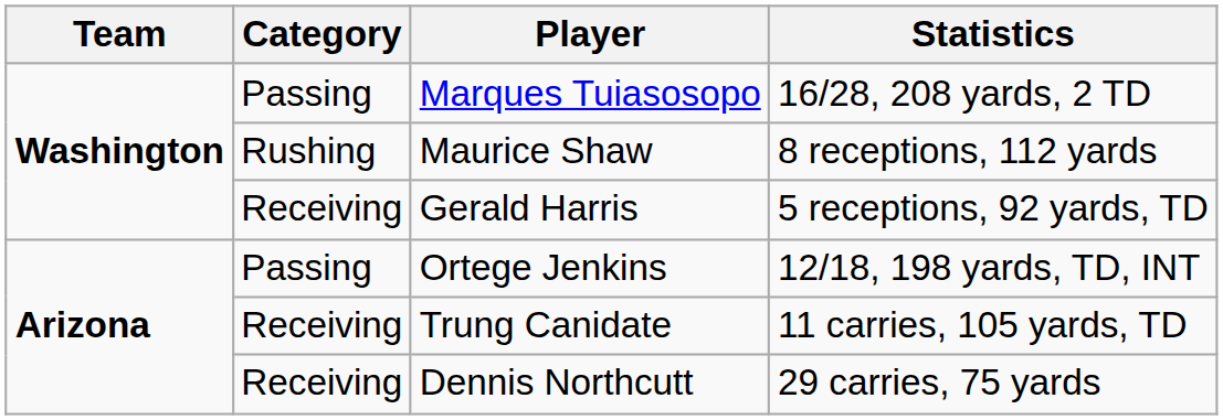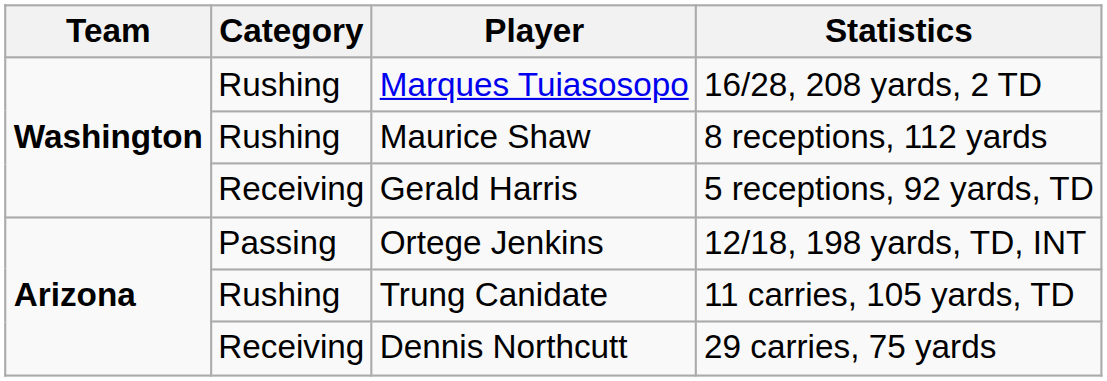 <table class="wikitable" style="float: right;">
 <tr>
 <th>Team</th>
 <th>Category</th>
 <th>Player</th>
 <th>Statistics</th>
 </tr>
 <tr>
 <td rowspan=3><strong>Washington</strong></td>
-<td>Passing</td>
+<td>Rushing</td>
 <td><a href='#'>Marques Tuiasosopo</a></td>
 <td>16/28, 208 yards, 2 TD</td>
 </tr>
 <tr>
 <td>Rushing</td>
 <td>Maurice Shaw</td>
 <td>8 receptions, 112 yards</td>
 </tr>
 <tr>
 <td>Receiving</td>
 <td>Gerald Harris</td>
 <td>5 receptions, 92 yards, TD</td>
 </tr>
 <tr>
 <td rowspan=3><strong>Arizona</strong></td>
 <td>Passing</td>
 <td>Ortege Jenkins</td>
 <td>12/18, 198 yards, TD, INT</td>
 </tr>
 <tr>
-<td>Receiving</td>
+<td>Rushing</td>
 <td>Trung Canidate</td>
 <td>11 carries, 105 yards, TD</td>
 </tr>
 <tr>
 <td>Receiving</td>
 <td>Dennis Northcutt</td>
 <td>29 carries, 75 yards</td>
 </tr>
 </table>
